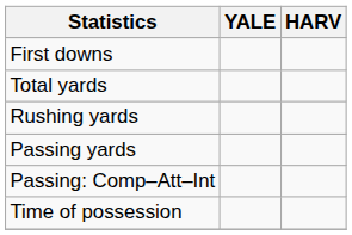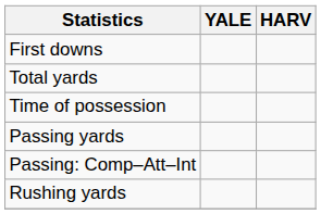 <table class="wikitable" style="float: left;">
 <tr>
 <th>Statistics</th>
 <th>YALE</th>
 <th>HARV</th>
 </tr>
 <tr>
 <td>First downs</td>
 <td></td>
 <td></td>
 </tr>
 <tr>
 <td>Total yards</td>
 <td></td>
 <td></td>
 </tr>
 <tr>
-<td>Rushing yards</td>
+<td>Time of possession</td>
 <td></td>
 <td></td>
 </tr>
 <tr>
 <td>Passing yards</td>
 <td></td>
 <td></td>
 </tr>
 <tr>
 <td>Passing: Comp–Att–Int</td>
 <td></td>
 <td></td>
 </tr>
 <tr>
-<td>Time of possession</td>
+<td>Rushing yards</td>
 <td></td>
 <td></td>
 </tr>
 <tr>
 </tr>
 </table>
